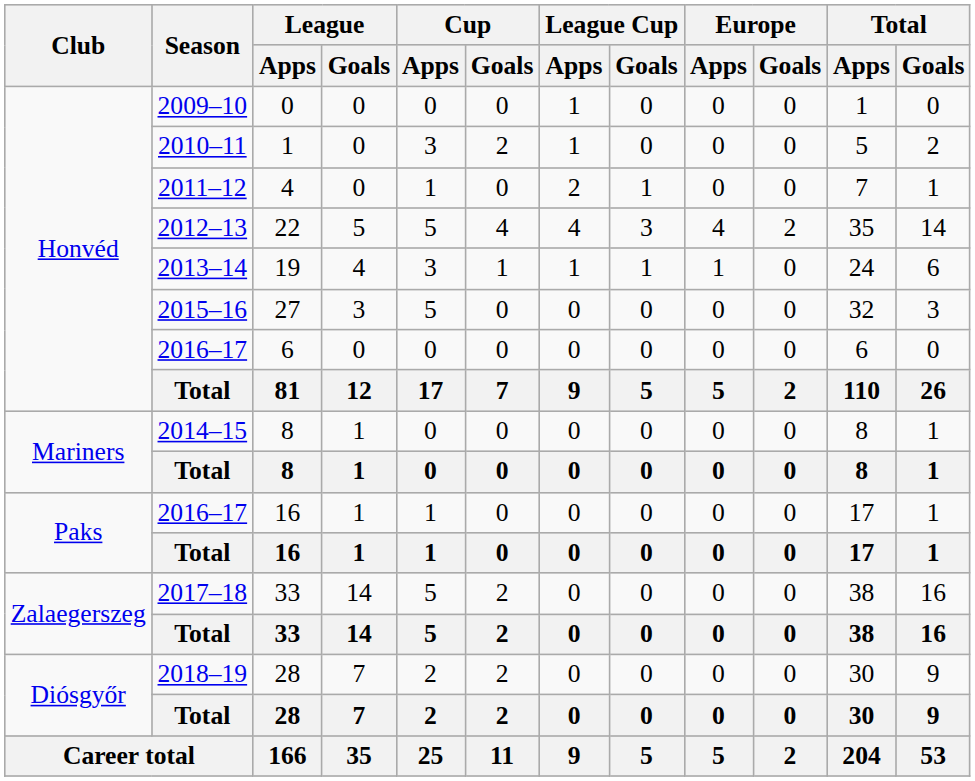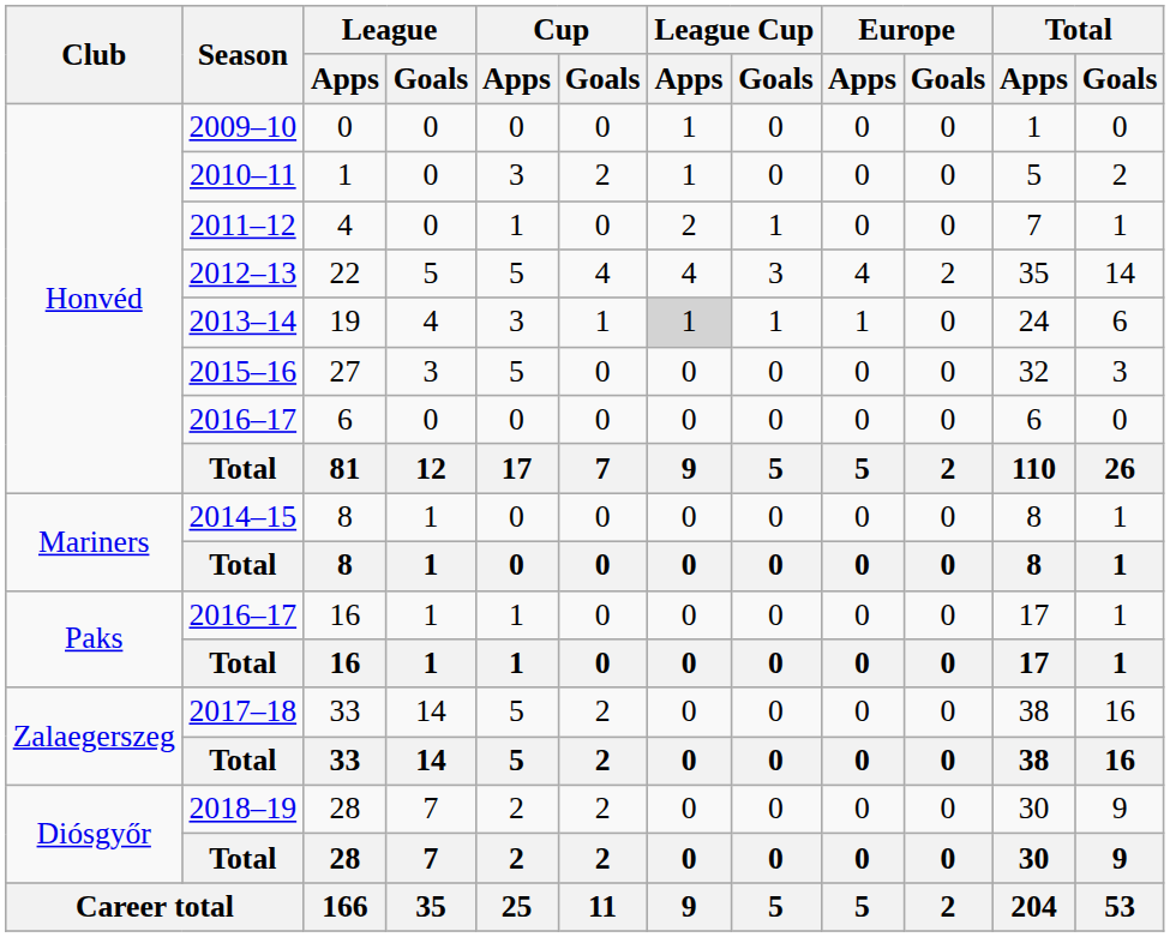 <table class="wikitable" style="text-align: center;">
 <tr>
 <th rowspan="2">Club</th>
 <th rowspan="2">Season</th>
 <th colspan="2">League</th>
 <th colspan="2">Cup</th>
 <th colspan="2">League Cup</th>
 <th colspan="2">Europe</th>
 <th colspan="2">Total</th>
 </tr>
 <tr>
 <th>Apps</th>
 <th>Goals</th>
 <th>Apps</th>
 <th>Goals</th>
 <th>Apps</th>
 <th>Goals</th>
 <th>Apps</th>
 <th>Goals</th>
 <th>Apps</th>
 <th>Goals</th>
 </tr>
 <tr>
 <td rowspan="8"><a href='#'>Honvéd</a></td>
 <td><a href='#'>2009–10</a></td>
 <td>0</td>
 <td>0</td>
 <td>0</td>
 <td>0</td>
 <td>1</td>
 <td>0</td>
 <td>0</td>
 <td>0</td>
 <td>1</td>
 <td>0</td>
 </tr>
 <tr>
 <td><a href='#'>2010–11</a></td>
 <td>1</td>
 <td>0</td>
 <td>3</td>
 <td>2</td>
 <td>1</td>
 <td>0</td>
 <td>0</td>
 <td>0</td>
 <td>5</td>
 <td>2</td>
 </tr>
 <tr>
 <td><a href='#'>2011–12</a></td>
 <td>4</td>
 <td>0</td>
 <td>1</td>
 <td>0</td>
 <td>2</td>
 <td>1</td>
 <td>0</td>
 <td>0</td>
 <td>7</td>
 <td>1</td>
 </tr>
 <tr>
 <td><a href='#'>2012–13</a></td>
 <td>22</td>
 <td>5</td>
 <td>5</td>
 <td>4</td>
 <td>4</td>
 <td>3</td>
 <td>4</td>
 <td>2</td>
 <td>35</td>
 <td>14</td>
 </tr>
 <tr>
 <td><a href='#'>2013–14</a></td>
 <td>19</td>
 <td>4</td>
 <td>3</td>
 <td>1</td>
-<td>1</td>
+<td style="background: lightgrey;">1</td>
 <td>1</td>
 <td>1</td>
 <td>0</td>
 <td>24</td>
 <td>6</td>
 </tr>
 <tr>
 <td><a href='#'>2015–16</a></td>
 <td>27</td>
 <td>3</td>
 <td>5</td>
 <td>0</td>
 <td>0</td>
 <td>0</td>
 <td>0</td>
 <td>0</td>
 <td>32</td>
 <td>3</td>
 </tr>
 <tr>
 <td><a href='#'>2016–17</a></td>
 <td>6</td>
 <td>0</td>
 <td>0</td>
 <td>0</td>
 <td>0</td>
 <td>0</td>
 <td>0</td>
 <td>0</td>
 <td>6</td>
 <td>0</td>
 </tr>
 <tr>
 <th>Total</th>
 <th>81</th>
 <th>12</th>
 <th>17</th>
 <th>7</th>
 <th>9</th>
 <th>5</th>
 <th>5</th>
 <th>2</th>
 <th>110</th>
 <th>26</th>
 </tr>
 <tr>
 <td rowspan="2"><a href='#'>Mariners</a></td>
 <td><a href='#'>2014–15</a></td>
 <td>8</td>
 <td>1</td>
 <td>0</td>
 <td>0</td>
 <td>0</td>
 <td>0</td>
 <td>0</td>
 <td>0</td>
 <td>8</td>
 <td>1</td>
 </tr>
 <tr>
 <th>Total</th>
 <th>8</th>
 <th>1</th>
 <th>0</th>
 <th>0</th>
 <th>0</th>
 <th>0</th>
 <th>0</th>
 <th>0</th>
 <th>8</th>
 <th>1</th>
 </tr>
 <tr>
 <td rowspan="2"><a href='#'>Paks</a></td>
 <td><a href='#'>2016–17</a></td>
 <td>16</td>
 <td>1</td>
 <td>1</td>
 <td>0</td>
 <td>0</td>
 <td>0</td>
 <td>0</td>
 <td>0</td>
 <td>17</td>
 <td>1</td>
 </tr>
 <tr>
 <th>Total</th>
 <th>16</th>
 <th>1</th>
 <th>1</th>
 <th>0</th>
 <th>0</th>
 <th>0</th>
 <th>0</th>
 <th>0</th>
 <th>17</th>
 <th>1</th>
 </tr>
 <tr>
 <td rowspan="2"><a href='#'>Zalaegerszeg</a></td>
 <td><a href='#'>2017–18</a></td>
 <td>33</td>
 <td>14</td>
 <td>5</td>
 <td>2</td>
 <td>0</td>
 <td>0</td>
 <td>0</td>
 <td>0</td>
 <td>38</td>
 <td>16</td>
 </tr>
 <tr>
 <th>Total</th>
 <th>33</th>
 <th>14</th>
 <th>5</th>
 <th>2</th>
 <th>0</th>
 <th>0</th>
 <th>0</th>
 <th>0</th>
 <th>38</th>
 <th>16</th>
 </tr>
 <tr>
 <td rowspan="2"><a href='#'>Diósgyőr</a></td>
 <td><a href='#'>2018–19</a></td>
 <td>28</td>
 <td>7</td>
 <td>2</td>
 <td>2</td>
 <td>0</td>
 <td>0</td>
 <td>0</td>
 <td>0</td>
 <td>30</td>
 <td>9</td>
 </tr>
 <tr>
 <th>Total</th>
 <th>28</th>
 <th>7</th>
 <th>2</th>
 <th>2</th>
 <th>0</th>
 <th>0</th>
 <th>0</th>
 <th>0</th>
 <th>30</th>
 <th>9</th>
 </tr>
 <tr>
 <th colspan="2">Career total</th>
 <th>166</th>
 <th>35</th>
 <th>25</th>
 <th>11</th>
 <th>9</th>
 <th>5</th>
 <th>5</th>
 <th>2</th>
 <th>204</th>
 <th>53</th>
 </tr>
 </table>
